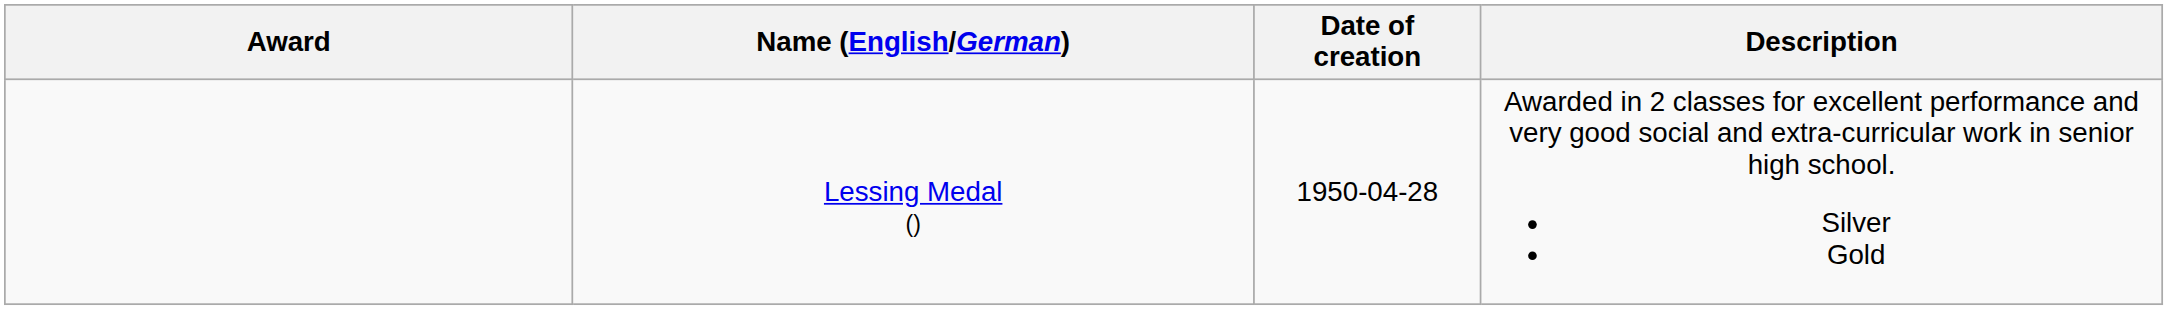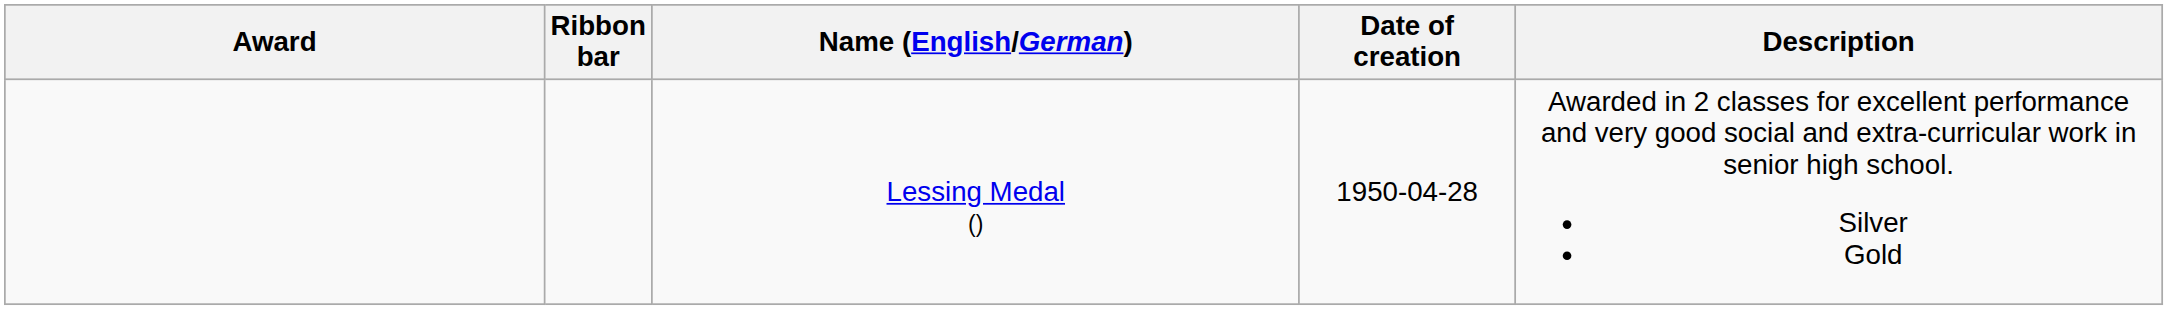 <table class="wikitable sortable" style="text-align:center">
 <tr>
 <th style="width:25%">Award</th>
+<th style="width:5%">Ribbon<br>bar</th>
 <th style="width:30%">Name (<a href='#'>English</a>/<em><a href='#'>German</a></em>)</th>
 <th style="width:10%">Date of<br>creation</th>
 <th style="width:30%">Description</th>
 </tr>
 <tr>
 <td></td>
+<td><br><br> <br></td>
 <td><br><a href='#'>Lessing Medal</a><br><small>()</small></td>
 <td>1950-04-28</td>
 <td>Awarded in 2 classes for excellent performance and very good social and extra-curricular work in senior high school.<br><ul><li>Silver</li><li>Gold</li></ul></td>
 </tr>
 </table>
